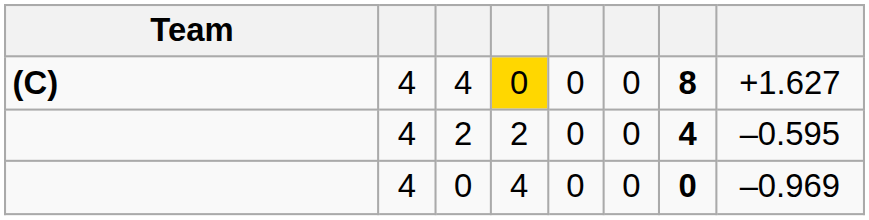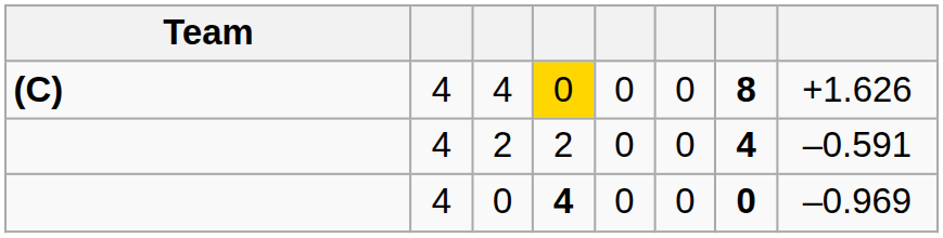 <table class="wikitable" style="text-align:center">
 <tr>
 <th style="width:175px;">Team</th>
 <th style="width:20px;"></th>
 <th style="width:20px;"></th>
 <th style="width:20px;"></th>
 <th style="width:20px;"></th>
 <th style="width:20px;"></th>
 <th style="width:20px;"></th>
 <th style="width:65px;"></th>
 </tr>
 <tr>
 <td style="text-align:left"><strong> (C)</strong></td>
 <td>4</td>
 <td>4</td>
 <td style="background: gold;">0</td>
 <td>0</td>
 <td>0</td>
 <td><strong>8</strong></td>
-<td>+1.627</td>
+<td>+1.626</td>
 </tr>
 <tr>
 <td style="text-align:left"></td>
 <td>4</td>
 <td>2</td>
 <td>2</td>
 <td>0</td>
 <td>0</td>
 <td><strong>4</strong></td>
-<td>–0.595</td>
+<td>–0.591</td>
 </tr>
 <tr>
 <td style="text-align:left"></td>
 <td>4</td>
 <td>0</td>
-<td>4</td>
+<td><strong>4</strong></td>
 <td>0</td>
 <td>0</td>
 <td><strong>0</strong></td>
 <td>–0.969</td>
 </tr>
 </table>
